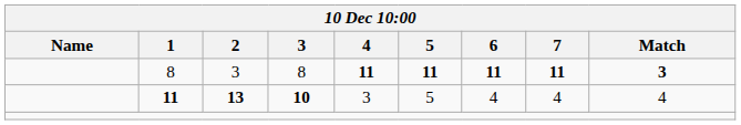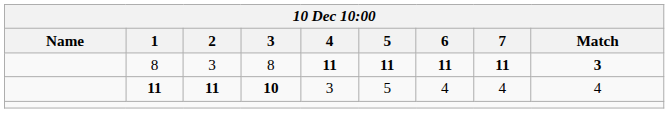 <table class=wikitable style="text-align:center; width: 55%">
 <tr>
 <th colspan=17><em> 10 Dec 10:00</em></th>
 </tr>
 <tr>
 <th>Name</th>
 <th>1</th>
 <th>2</th>
 <th>3</th>
 <th>4</th>
 <th>5</th>
 <th>6</th>
 <th>7</th>
 <th>Match</th>
 </tr>
 <tr>
 <td style="text-align:left;"><strong></strong></td>
 <td>8</td>
 <td>3</td>
 <td>8</td>
 <td><strong>11</strong></td>
 <td><strong>11</strong></td>
 <td><strong>11</strong></td>
 <td><strong>11</strong></td>
 <td><strong>3</strong></td>
 </tr>
 <tr>
 <td style="text-align:left;"></td>
 <td><strong>11</strong></td>
-<td><strong>13</strong></td>
+<td><strong>11</strong></td>
 <td><strong>10</strong></td>
 <td>3</td>
 <td>5</td>
 <td>4</td>
 <td>4</td>
 <td>4</td>
 </tr>
 <tr>
 <td colspan=17></td>
 </tr>
 </table>
